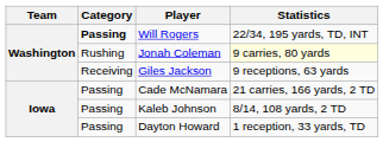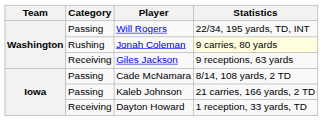 <table class="wikitable" style="float:right">
 <tr>
 <th>Team</th>
 <th>Category</th>
 <th>Player</th>
 <th>Statistics</th>
 </tr>
 <tr>
 <th rowspan=3>Washington</th>
-<td><strong>Passing</strong></td>
+<td>Passing</td>
 <td><a href='#'>Will Rogers</a></td>
 <td>22/34, 195 yards, TD, INT</td>
 </tr>
 <tr>
 <td>Rushing</td>
 <td><a href='#'>Jonah Coleman</a></td>
 <td style="background: lightyellow;">9 carries, 80 yards</td>
 </tr>
 <tr>
 <td>Receiving</td>
 <td><a href='#'>Giles Jackson</a></td>
 <td>9 receptions, 63 yards</td>
 </tr>
 <tr>
 <th rowspan=3>Iowa</th>
 <td>Passing</td>
 <td>Cade McNamara</td>
-<td>21 carries, 166 yards, 2 TD</td>
+<td>8/14, 108 yards, 2 TD</td>
 </tr>
 <tr>
 <td>Passing</td>
 <td>Kaleb Johnson</td>
-<td>8/14, 108 yards, 2 TD</td>
+<td>21 carries, 166 yards, 2 TD</td>
 </tr>
 <tr>
-<td>Passing</td>
+<td>Receiving</td>
 <td>Dayton Howard</td>
 <td>1 reception, 33 yards, TD</td>
 </tr>
 </table>
